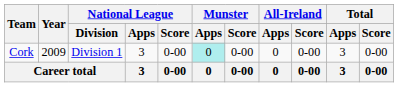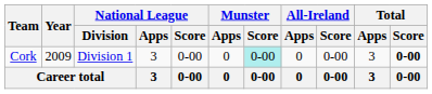 <table class="wikitable" style="text-align:center">
 <tr>
 <th rowspan="2">Team</th>
 <th rowspan="2">Year</th>
 <th colspan="3"><a href='#'>National League</a></th>
 <th colspan="2"><a href='#'>Munster</a></th>
 <th colspan="2"><a href='#'>All-Ireland</a></th>
 <th colspan="2">Total</th>
 </tr>
 <tr>
 <th>Division</th>
 <th>Apps</th>
 <th>Score</th>
 <th>Apps</th>
 <th>Score</th>
 <th>Apps</th>
 <th>Score</th>
 <th>Apps</th>
 <th>Score</th>
 </tr>
 <tr>
 <td rowspan="1"><a href='#'>Cork</a></td>
 <td>2009</td>
 <td rowspan="1"><a href='#'>Division 1</a></td>
 <td>3</td>
 <td>0-00</td>
-<td style="background: paleturquoise;">0</td>
-<td>0-00</td>
+<td>0</td>
+<td style="background: paleturquoise;">0-00</td>
 <td>0</td>
 <td>0-00</td>
 <td>3</td>
-<td>0-00</td>
+<td><strong>0-00</strong></td>
 </tr>
 <tr>
 <th colspan="3">Career total</th>
 <th>3</th>
 <th>0-00</th>
 <th>0</th>
 <th>0-00</th>
 <th>0</th>
 <th>0-00</th>
 <th>3</th>
 <th>0-00</th>
 </tr>
 </table>
